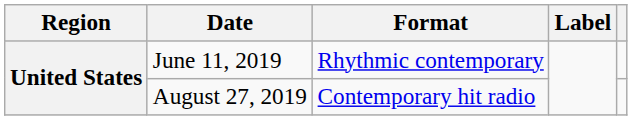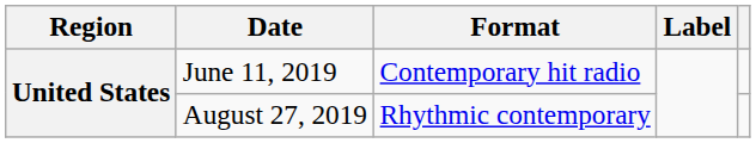 <table class="wikitable plainrowheaders">
 <tr>
 <th>Region</th>
 <th>Date</th>
 <th>Format</th>
 <th>Label</th>
 <th></th>
 </tr>
 <tr>
 <th scope="row" rowspan="2">United States</th>
 <td>June 11, 2019</td>
-<td><a href='#'>Rhythmic contemporary</a></td>
+<td><a href='#'>Contemporary hit radio</a></td>
 <td rowspan="2"></td>
 <td></td>
 </tr>
 <tr>
 <td>August 27, 2019</td>
-<td><a href='#'>Contemporary hit radio</a></td>
+<td><a href='#'>Rhythmic contemporary</a></td>
 <td></td>
 </tr>
 </table>
